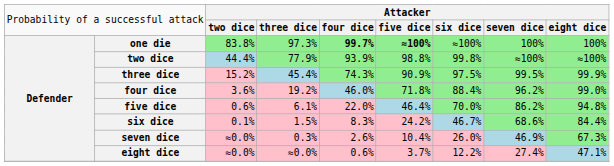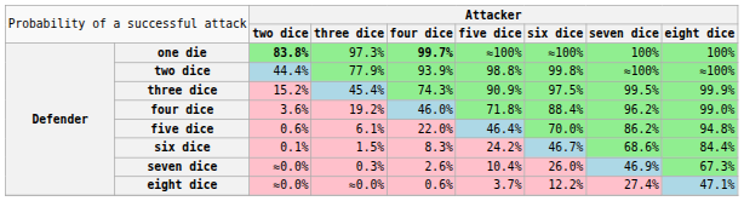 <table class="wikitable" style="text-align:center">
 <tr>
 <td colspan="2" rowspan="2">Probability of a successful attack</td>
 <th colspan="7">Attacker</th>
 </tr>
 <tr>
 <th>two dice</th>
 <th>three dice</th>
 <th>four dice</th>
 <th>five dice</th>
 <th>six dice</th>
 <th>seven dice</th>
 <th>eight dice</th>
 </tr>
 <tr>
 <th rowspan="8">Defender</th>
 <th>one die</th>
-<td align="right" style="background:lightgreen">83.8%</td>
+<td align="right" style="background:lightgreen"><strong>83.8%</strong></td>
 <td align="right" style="background:lightgreen">97.3%</td>
 <td align="right" style="background:lightgreen"><strong>99.7%</strong></td>
-<td align="right" style="background:lightgreen"><strong>≈100%</strong></td>
+<td align="right" style="background:lightgreen">≈100%</td>
 <td align="right" style="background:lightgreen">≈100%</td>
 <td align="right" style="background:lightgreen">100%</td>
 <td align="right" style="background:lightgreen">100%</td>
 </tr>
 <tr>
 <th>two dice</th>
 <td align="right" style="background:lightblue">44.4%</td>
 <td align="right" style="background:lightgreen">77.9%</td>
 <td align="right" style="background:lightgreen">93.9%</td>
 <td align="right" style="background:lightgreen">98.8%</td>
 <td align="right" style="background:lightgreen">99.8%</td>
 <td align="right" style="background:lightgreen">≈100%</td>
 <td align="right" style="background:lightgreen">≈100%</td>
 </tr>
 <tr>
 <th>three dice</th>
 <td align="right" style="background:pink">15.2%</td>
 <td align="right" style="background:lightblue">45.4%</td>
 <td align="right" style="background:lightgreen">74.3%</td>
 <td align="right" style="background:lightgreen">90.9%</td>
 <td align="right" style="background:lightgreen">97.5%</td>
 <td align="right" style="background:lightgreen">99.5%</td>
 <td align="right" style="background:lightgreen">99.9%</td>
 </tr>
 <tr>
 <th>four dice</th>
 <td align="right" style="background:pink">3.6%</td>
 <td align="right" style="background:pink">19.2%</td>
 <td align="right" style="background:lightblue">46.0%</td>
 <td align="right" style="background:lightgreen">71.8%</td>
 <td align="right" style="background:lightgreen">88.4%</td>
 <td align="right" style="background:lightgreen">96.2%</td>
 <td align="right" style="background:lightgreen">99.0%</td>
 </tr>
 <tr>
 <th>five dice</th>
 <td align="right" style="background:pink">0.6%</td>
 <td align="right" style="background:pink">6.1%</td>
 <td align="right" style="background:pink">22.0%</td>
 <td align="right" style="background:lightblue">46.4%</td>
 <td align="right" style="background:lightgreen">70.0%</td>
 <td align="right" style="background:lightgreen">86.2%</td>
 <td align="right" style="background:lightgreen">94.8%</td>
 </tr>
 <tr>
 <th>six dice</th>
 <td align="right" style="background:pink">0.1%</td>
 <td align="right" style="background:pink">1.5%</td>
 <td align="right" style="background:pink">8.3%</td>
 <td align="right" style="background:pink">24.2%</td>
 <td align="right" style="background:lightblue">46.7%</td>
 <td align="right" style="background:lightgreen">68.6%</td>
 <td align="right" style="background:lightgreen">84.4%</td>
 </tr>
 <tr>
 <th>seven dice</th>
 <td align="right" style="background:pink">≈0.0%</td>
 <td align="right" style="background:pink">0.3%</td>
 <td align="right" style="background:pink">2.6%</td>
 <td align="right" style="background:pink">10.4%</td>
 <td align="right" style="background:pink">26.0%</td>
 <td align="right" style="background:lightblue">46.9%</td>
 <td align="right" style="background:lightgreen">67.3%</td>
 </tr>
 <tr>
 <th>eight dice</th>
 <td align="right" style="background:pink">≈0.0%</td>
 <td align="right" style="background:pink">≈0.0%</td>
 <td align="right" style="background:pink">0.6%</td>
 <td align="right" style="background:pink">3.7%</td>
 <td align="right" style="background:pink">12.2%</td>
 <td align="right" style="background:pink">27.4%</td>
 <td align="right" style="background:lightblue">47.1%</td>
 </tr>
 <tr>
 </tr>
 </table>
